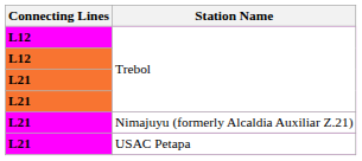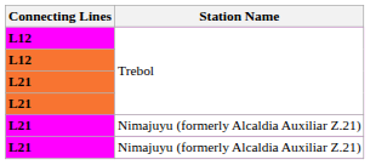 <table class="wikitable">
 <tr>
 <th>Connecting Lines</th>
 <th>Station Name</th>
 </tr>
 <tr style="background-color:magenta;">
 <td><strong>L12</strong></td>
 <td rowspan="4" style="background-color:white;">Trebol</td>
 </tr>
 <tr style="background-color:#F87431;">
 <td><strong>L12</strong></td>
 </tr>
 <tr style="background-color:#F87431;">
 <td><strong>L21</strong></td>
 </tr>
 <tr style="background-color:#F87431;">
 <td><strong>L21</strong></td>
 </tr>
 <tr style="background-color:magenta;">
 <td><strong>L21</strong></td>
 <td style="background-color:white;">Nimajuyu (formerly Alcaldia Auxiliar Z.21)</td>
 </tr>
 <tr style="background-color:magenta;">
 <td><strong>L21</strong></td>
-<td style="background-color:white;">USAC Petapa</td>
+<td style="background-color:white;">Nimajuyu (formerly Alcaldia Auxiliar Z.21)</td>
 </tr>
 </table>
